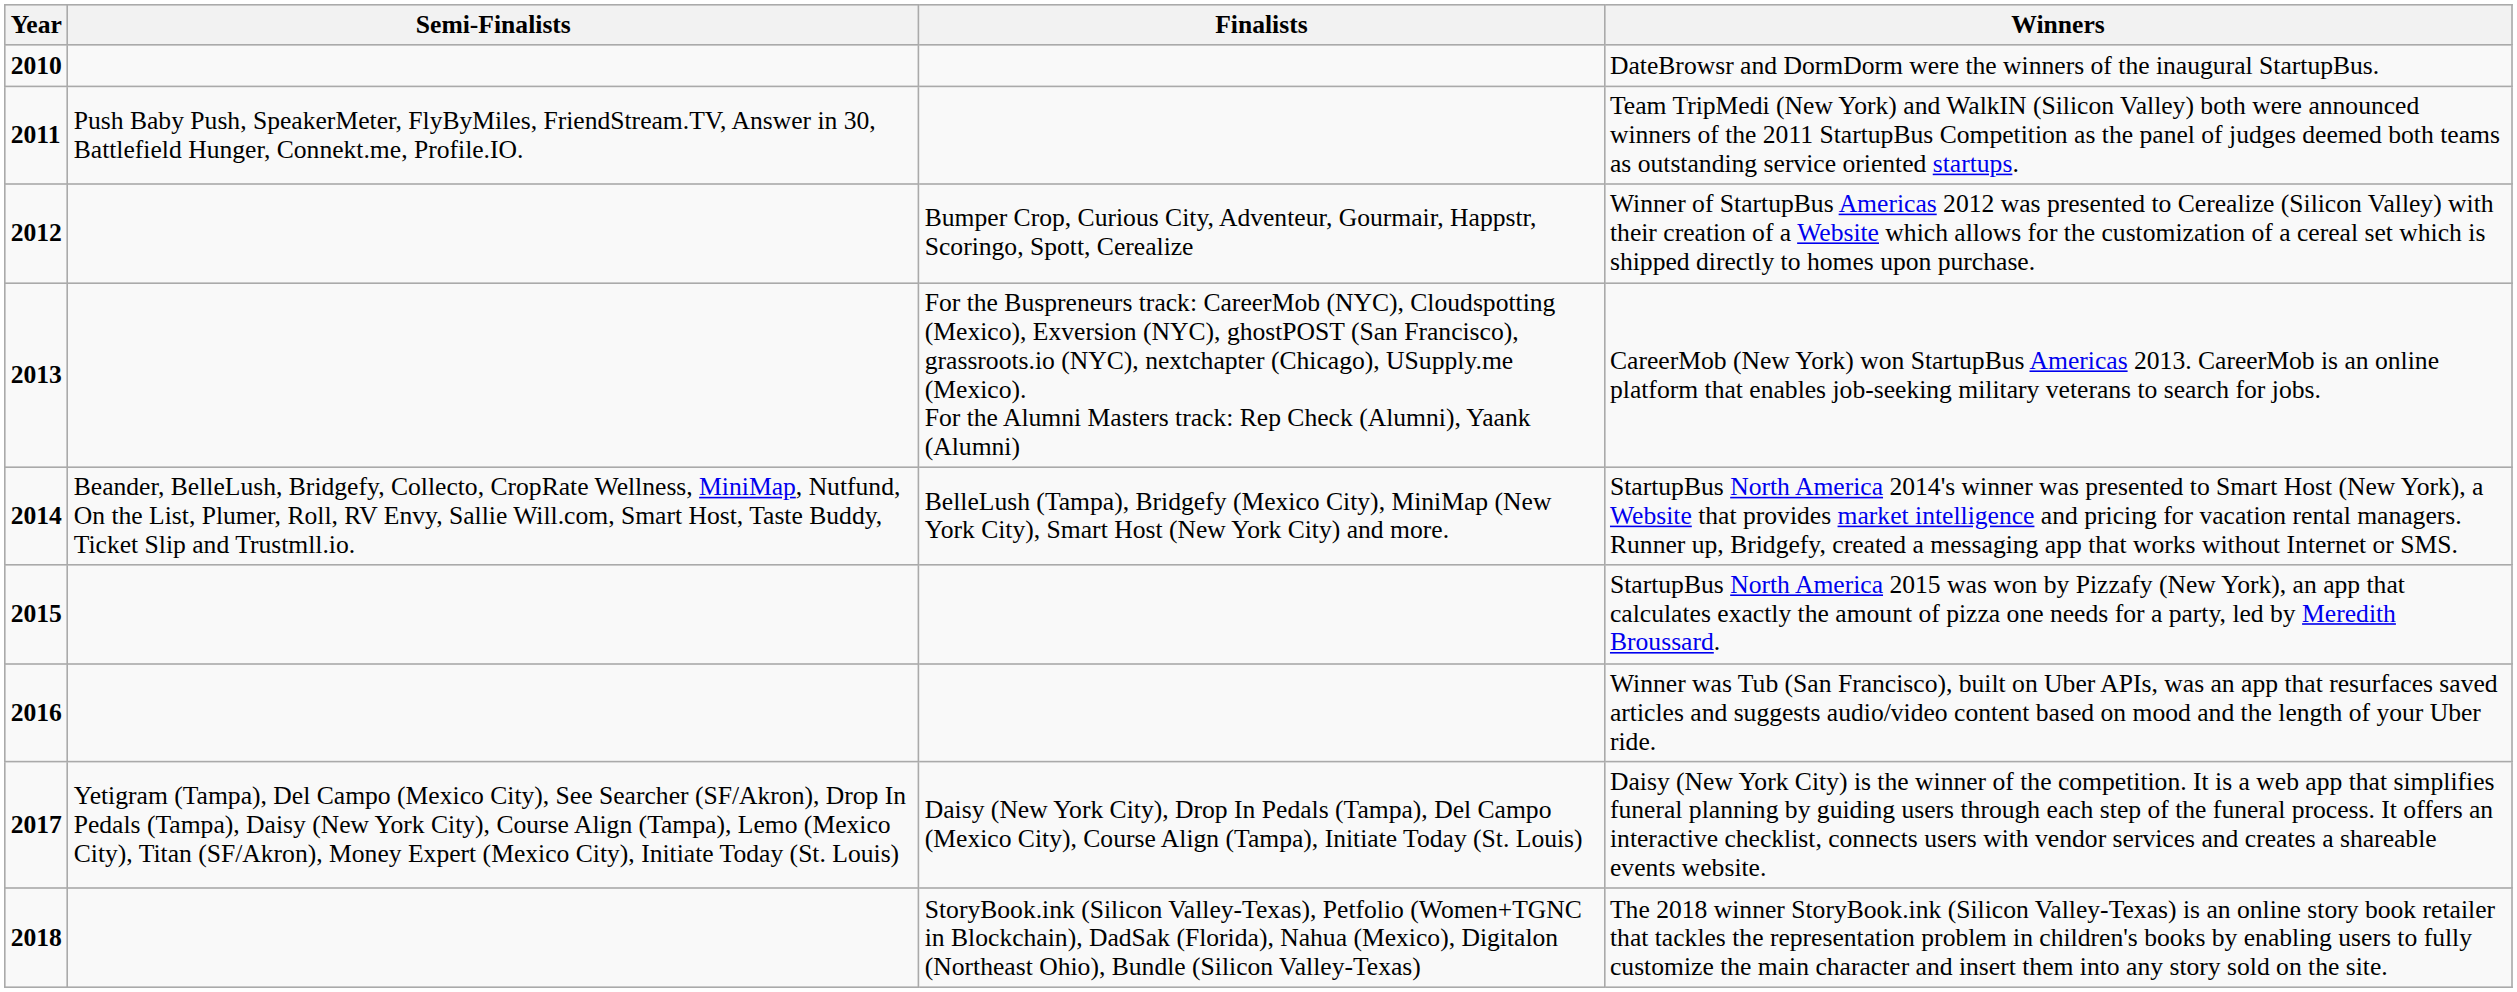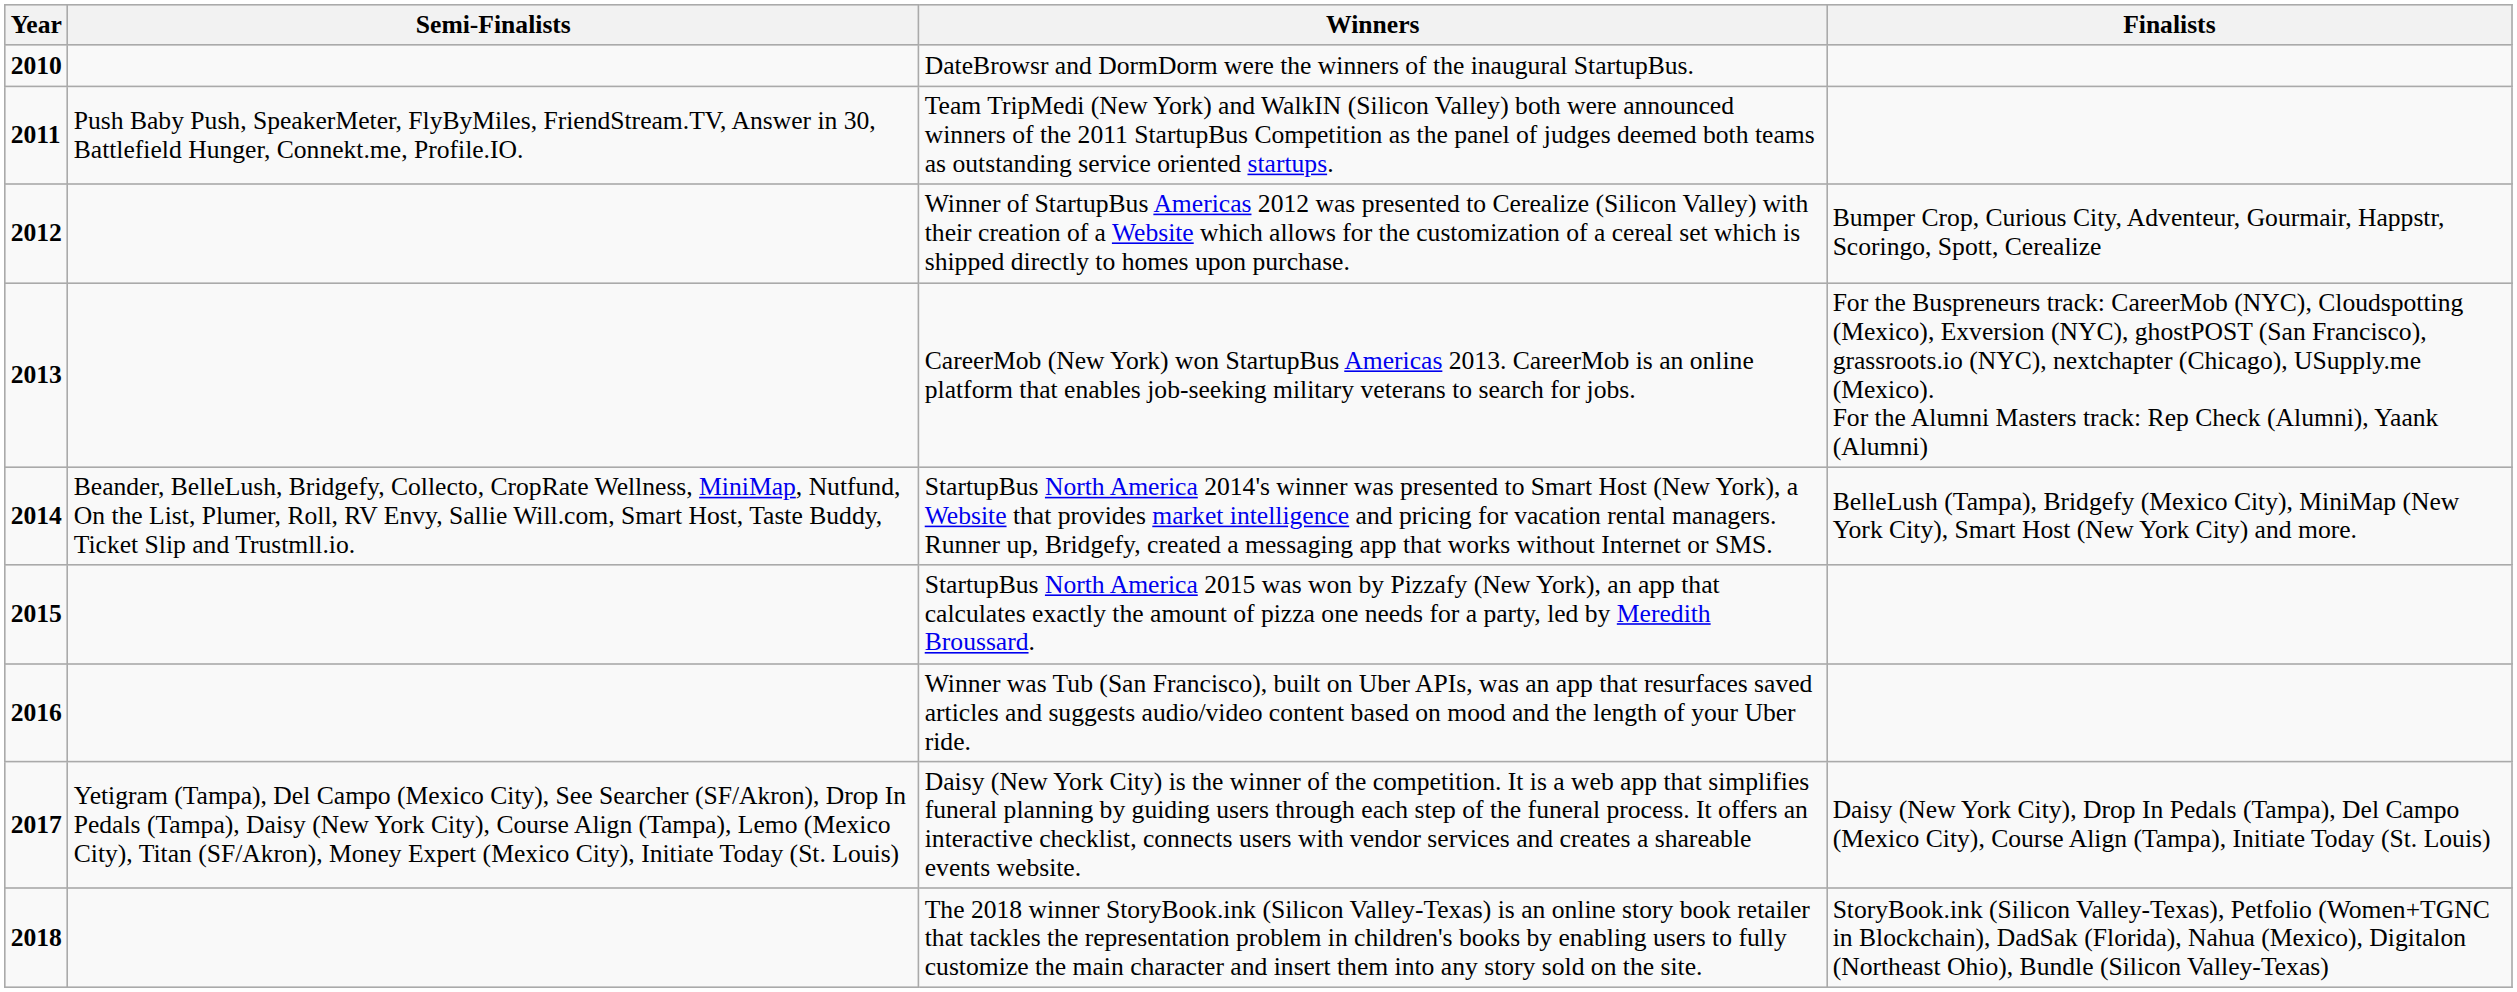 <table class="wikitable">
 <tr>
 <th>Year</th>
 <th>Semi-Finalists</th>
+<th>Winners</th>
 <th>Finalists</th>
-<th>Winners</th>
 </tr>
 <tr>
 <td><strong>2010</strong></td>
 <td></td>
+<td>DateBrowsr and DormDorm were the winners of the inaugural StartupBus.</td>
 <td></td>
-<td>DateBrowsr and DormDorm were the winners of the inaugural StartupBus.</td>
 </tr>
 <tr>
 <td><strong>2011</strong></td>
 <td>Push Baby Push, SpeakerMeter, FlyByMiles, FriendStream.TV, Answer in 30, Battlefield Hunger, Connekt.me, Profile.IO.</td>
+<td>Team TripMedi (New York) and WalkIN (Silicon Valley) both were announced winners of the 2011 StartupBus Competition  as the panel of judges deemed both teams as outstanding service oriented <a href='#'>startups</a>.</td>
 <td></td>
-<td>Team TripMedi (New York) and WalkIN (Silicon Valley) both were announced winners of the 2011 StartupBus Competition  as the panel of judges deemed both teams as outstanding service oriented <a href='#'>startups</a>.</td>
 </tr>
 <tr>
 <td><strong>2012</strong></td>
 <td></td>
+<td>Winner of StartupBus <a href='#'>Americas</a> 2012 was presented to Cerealize (Silicon Valley) with their creation of a <a href='#'>Website</a> which allows for the customization of a cereal set which is shipped directly to homes upon purchase.</td>
 <td>Bumper Crop, Curious City, Adventeur, Gourmair, Happstr, Scoringo, Spott, Cerealize</td>
-<td>Winner of StartupBus <a href='#'>Americas</a> 2012 was presented to Cerealize (Silicon Valley) with their creation of a <a href='#'>Website</a> which allows for the customization of a cereal set which is shipped directly to homes upon purchase.</td>
 </tr>
 <tr>
 <td><strong>2013</strong></td>
 <td></td>
+<td>CareerMob (New York) won StartupBus <a href='#'>Americas</a> 2013. CareerMob is an online platform that enables job-seeking military veterans to search for jobs.</td>
 <td>For the Buspreneurs track: CareerMob (NYC), Cloudspotting (Mexico), Exversion (NYC), ghostPOST (San Francisco), grassroots.io (NYC), nextchapter (Chicago), USupply.me (Mexico).<br>For the Alumni Masters track: Rep Check (Alumni), Yaank (Alumni)</td>
-<td>CareerMob (New York) won StartupBus <a href='#'>Americas</a> 2013. CareerMob is an online platform that enables job-seeking military veterans to search for jobs.</td>
 </tr>
 <tr>
 <td><strong>2014</strong></td>
 <td>Beander, BelleLush, Bridgefy, Collecto, CropRate Wellness, <a href='#'>MiniMap</a>, Nutfund, On the List, Plumer, Roll, RV Envy, Sallie Will.com, Smart Host, Taste Buddy, Ticket Slip and Trustmll.io.</td>
+<td>StartupBus <a href='#'>North America</a> 2014's winner was presented to Smart Host (New York), a <a href='#'>Website</a> that provides <a href='#'>market intelligence</a> and pricing for vacation rental managers. Runner up, Bridgefy, created a messaging app that works without Internet or SMS.</td>
 <td>BelleLush (Tampa), Bridgefy (Mexico City), MiniMap (New York City), Smart Host (New York City) and more.</td>
-<td>StartupBus <a href='#'>North America</a> 2014's winner was presented to Smart Host (New York), a <a href='#'>Website</a> that provides <a href='#'>market intelligence</a> and pricing for vacation rental managers. Runner up, Bridgefy, created a messaging app that works without Internet or SMS.</td>
 </tr>
 <tr>
 <td><strong>2015</strong></td>
 <td></td>
+<td>StartupBus <a href='#'>North America</a> 2015 was won by Pizzafy (New York), an app that calculates exactly the amount of pizza one needs for a party, led by <a href='#'>Meredith Broussard</a>.</td>
 <td></td>
-<td>StartupBus <a href='#'>North America</a> 2015 was won by Pizzafy (New York), an app that calculates exactly the amount of pizza one needs for a party, led by <a href='#'>Meredith Broussard</a>.</td>
 </tr>
 <tr>
 <td><strong>2016</strong></td>
 <td></td>
+<td>Winner was Tub (San Francisco), built on Uber APIs, was an app that resurfaces saved articles and suggests audio/video content based on mood and the length of your Uber ride.</td>
 <td></td>
-<td>Winner was Tub (San Francisco), built on Uber APIs, was an app that resurfaces saved articles and suggests audio/video content based on mood and the length of your Uber ride.</td>
 </tr>
 <tr>
 <td><strong>2017</strong></td>
 <td>Yetigram (Tampa), Del Campo (Mexico City), See Searcher (SF/Akron), Drop In Pedals (Tampa), Daisy (New York City), Course Align (Tampa), Lemo (Mexico City), Titan (SF/Akron), Money Expert (Mexico City), Initiate Today (St. Louis)</td>
+<td>Daisy (New York City) is the winner of the competition. It is a web app that simplifies funeral planning by guiding users through each step of the funeral process. It offers an interactive checklist, connects users with vendor services and creates a shareable events website.</td>
 <td>Daisy (New York City), Drop In Pedals (Tampa), Del Campo (Mexico City), Course Align (Tampa), Initiate Today (St. Louis)</td>
-<td>Daisy (New York City) is the winner of the competition. It is a web app that simplifies funeral planning by guiding users through each step of the funeral process. It offers an interactive checklist, connects users with vendor services and creates a shareable events website.</td>
 </tr>
 <tr>
 <td><strong>2018</strong></td>
 <td></td>
+<td>The 2018 winner StoryBook.ink (Silicon Valley-Texas) is an online story book retailer that tackles the representation problem in children's books by enabling users to fully customize the main character and insert them into any story sold on the site.</td>
 <td>StoryBook.ink (Silicon Valley-Texas), Petfolio (Women+TGNC in Blockchain), DadSak (Florida), Nahua (Mexico), Digitalon (Northeast Ohio), Bundle (Silicon Valley-Texas)</td>
-<td>The 2018 winner StoryBook.ink (Silicon Valley-Texas) is an online story book retailer that tackles the representation problem in children's books by enabling users to fully customize the main character and insert them into any story sold on the site.</td>
 </tr>
 </table>
